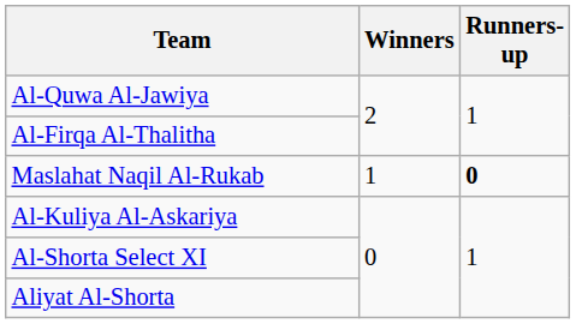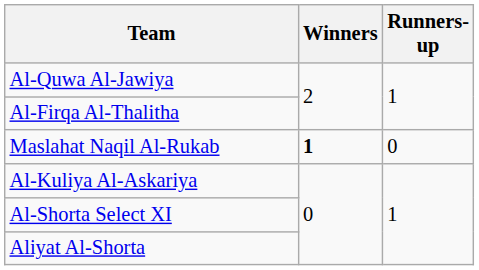 <table class="wikitable" style="font-size:90%" style="text-align: center;">
 <tr>
 <th width=200>Team</th>
 <th width=50>Winners</th>
 <th width=50>Runners-up</th>
 </tr>
 <tr>
 <td><a href='#'>Al-Quwa Al-Jawiya</a></td>
 <td rowspan=2>2</td>
 <td rowspan=2>1</td>
 </tr>
 <tr>
 <td><a href='#'>Al-Firqa Al-Thalitha</a></td>
 </tr>
 <tr>
 <td><a href='#'>Maslahat Naqil Al-Rukab</a></td>
-<td>1</td>
-<td><strong>0</strong></td>
+<td><strong>1</strong></td>
+<td>0</td>
 </tr>
 <tr>
 <td><a href='#'>Al-Kuliya Al-Askariya</a></td>
 <td rowspan=3>0</td>
 <td rowspan=3>1</td>
 </tr>
 <tr>
 <td><a href='#'>Al-Shorta Select XI</a></td>
 </tr>
 <tr>
 <td><a href='#'>Aliyat Al-Shorta</a></td>
 </tr>
 </table>
